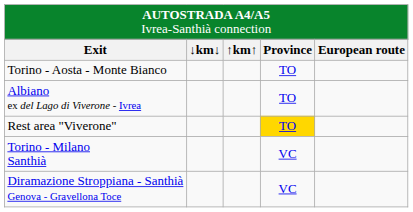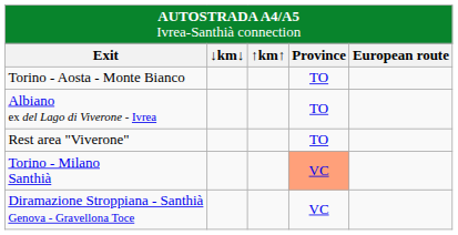 <table class="wikitable">
 <tr align="center" style="color: white;font-size:100%;" bgcolor="#08842c">
 <td colspan="6"><strong> AUTOSTRADA A4/A5</strong><br>Ivrea-Santhià connection</td>
 </tr>
 <tr>
 </tr>
 <tr>
 <th><strong>Exit</strong></th>
 <th align="center"><strong>↓km↓</strong></th>
 <th align="center"><strong>↑km↑</strong></th>
 <th align="center"><strong>Province</strong></th>
 <th align="center"><strong>European route</strong></th>
 </tr>
 <tr>
 <td>   Torino - Aosta - Monte Bianco</td>
 <td align="right"></td>
 <td align="right"></td>
 <td align="center"><a href='#'>TO</a></td>
 <td align="center"></td>
 </tr>
 <tr>
 <td> <a href='#'>Albiano</a><br><small> ex  <em>del Lago di Viverone</em> - <a href='#'>Ivrea</a> </small></td>
 <td align="right"></td>
 <td align="right"></td>
 <td align="center"><a href='#'>TO</a></td>
 <td align="center"></td>
 </tr>
 <tr>
 <td> Rest area "Viverone"</td>
 <td align="right"></td>
 <td align="right"></td>
-<td align="center" style="background: gold;"><a href='#'>TO</a></td>
+<td align="center"><a href='#'>TO</a></td>
 <td align="center"></td>
 </tr>
 <tr>
 <td>   <a href='#'>Torino - Milano</a> <br> <a href='#'>Santhià</a></td>
 <td align="right"></td>
 <td align="right"></td>
-<td align="center"><a href='#'>VC</a></td>
+<td align="center" style="background: lightsalmon;"><a href='#'>VC</a></td>
 <td align="center"></td>
 </tr>
 <tr>
 <td>   <a href='#'>Diramazione Stroppiana - Santhià</a><br><small>  <a href='#'>Genova - Gravellona Toce</a></small></td>
 <td align="right"></td>
 <td align="right"></td>
 <td align="center"><a href='#'>VC</a></td>
 <td align="center"></td>
 </tr>
 </table>
